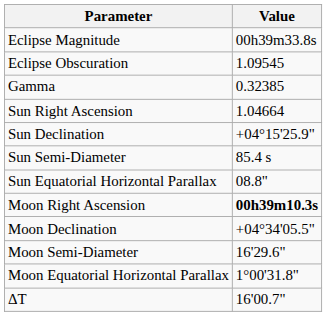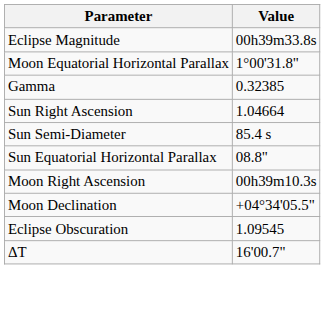 <table class="wikitable">
 <tr>
 <th>Parameter</th>
 <th>Value</th>
 </tr>
 <tr>
 <td>Eclipse Magnitude</td>
 <td>00h39m33.8s</td>
 </tr>
 <tr>
-<td>Eclipse Obscuration</td>
-<td>1.09545</td>
+<td>Moon Equatorial Horizontal Parallax</td>
+<td>1°00'31.8"</td>
 </tr>
 <tr>
 <td>Gamma</td>
 <td>0.32385</td>
 </tr>
 <tr>
 <td>Sun Right Ascension</td>
 <td>1.04664</td>
-</tr>
-<tr>
-<td>Sun Declination</td>
-<td>+04°15'25.9"</td>
 </tr>
 <tr>
 <td>Sun Semi-Diameter</td>
 <td>85.4 s</td>
 </tr>
 <tr>
 <td>Sun Equatorial Horizontal Parallax</td>
 <td>08.8"</td>
 </tr>
 <tr>
 <td>Moon Right Ascension</td>
-<td><strong>00h39m10.3s</strong></td>
+<td>00h39m10.3s</td>
 </tr>
 <tr>
 <td>Moon Declination</td>
 <td>+04°34'05.5"</td>
 </tr>
 <tr>
-<td>Moon Semi-Diameter</td>
-<td>16'29.6"</td>
-</tr>
-<tr>
-<td>Moon Equatorial Horizontal Parallax</td>
-<td>1°00'31.8"</td>
+<td>Eclipse Obscuration</td>
+<td>1.09545</td>
 </tr>
 <tr>
 <td>ΔT</td>
 <td>16'00.7"</td>
 </tr>
 </table>
